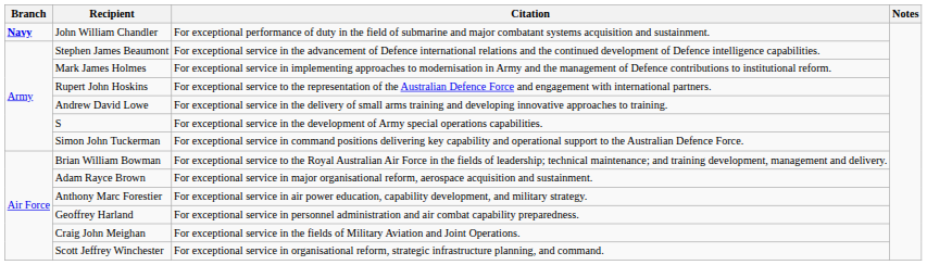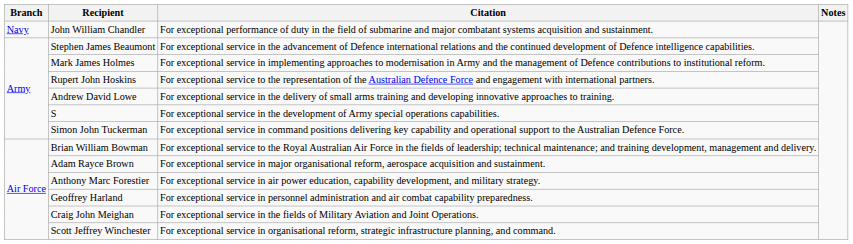 <table class="wikitable" style="font-size:95%;">
 <tr>
 <th>Branch</th>
 <th>Recipient</th>
 <th>Citation</th>
 <th>Notes</th>
 </tr>
 <tr>
-<td><strong><a href='#'>Navy</a></strong></td>
+<td><a href='#'>Navy</a></td>
 <td> John William Chandler </td>
 <td>For exceptional performance of duty in the field of submarine and major combatant systems acquisition and sustainment.</td>
 <td rowspan=13></td>
 </tr>
 <tr>
 <td rowspan="6"><a href='#'>Army</a></td>
 <td> Stephen James Beaumont</td>
 <td>For exceptional service in the advancement of Defence international relations and the continued development of Defence intelligence capabilities.</td>
 </tr>
 <tr>
 <td> Mark James Holmes </td>
 <td>For exceptional service in implementing approaches to modernisation in Army and the management of Defence contributions to institutional reform.</td>
 </tr>
 <tr>
 <td> Rupert John Hoskins</td>
 <td>For exceptional service to the representation of the <a href='#'>Australian Defence Force</a> and engagement with international partners.</td>
 </tr>
 <tr>
 <td> Andrew David Lowe</td>
 <td>For exceptional service in the delivery of small arms training and developing innovative approaches to training.</td>
 </tr>
 <tr>
 <td> S</td>
 <td>For exceptional service in the development of Army special operations capabilities.</td>
 </tr>
 <tr>
 <td> Simon John Tuckerman </td>
 <td>For exceptional service in command positions delivering key capability and operational support to the Australian Defence Force.</td>
 </tr>
 <tr>
 <td rowspan="6"><a href='#'>Air Force</a></td>
 <td> Brian William Bowman</td>
 <td>For exceptional service to the Royal Australian Air Force in the fields of leadership; technical maintenance; and training development, management and delivery.</td>
 </tr>
 <tr>
 <td> Adam Rayce Brown </td>
 <td>For exceptional service in major organisational reform, aerospace acquisition and sustainment.</td>
 </tr>
 <tr>
 <td> Anthony Marc Forestier </td>
 <td>For exceptional service in air power education, capability development, and military strategy.</td>
 </tr>
 <tr>
 <td> Geoffrey Harland </td>
 <td>For exceptional service in personnel administration and air combat capability preparedness.</td>
 </tr>
 <tr>
 <td> Craig John Meighan</td>
 <td>For exceptional service in the fields of Military Aviation and Joint Operations.</td>
 </tr>
 <tr>
 <td> Scott Jeffrey Winchester</td>
 <td>For exceptional service in organisational reform, strategic infrastructure planning, and command.</td>
 </tr>
 </table>
